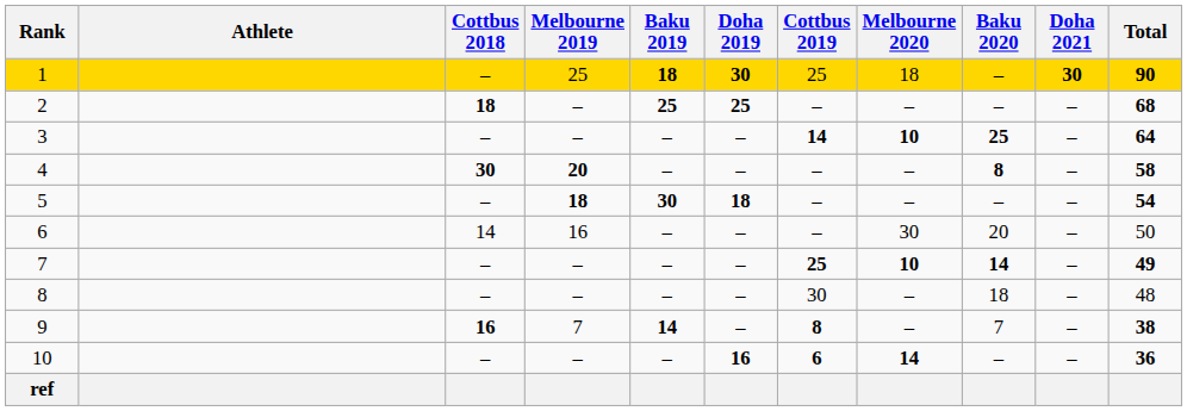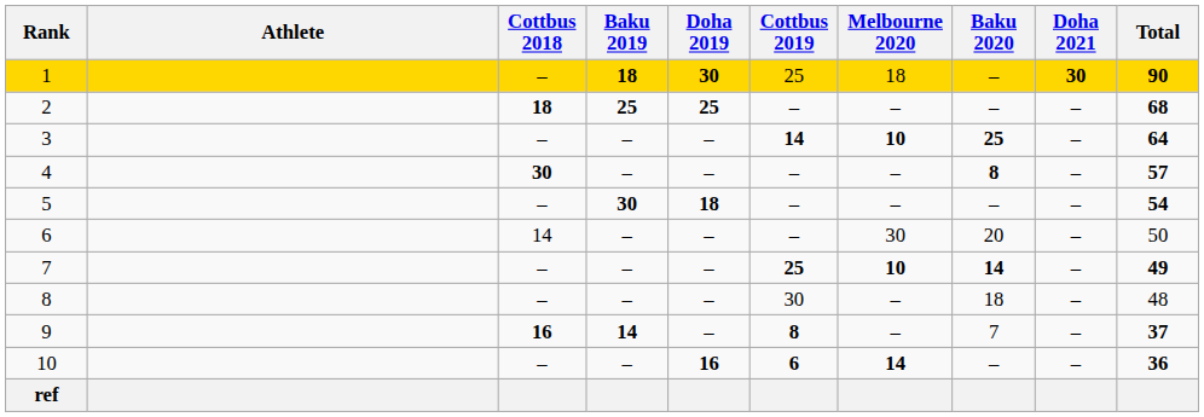 <table style="width:60%;" class="wikitable">
 <tr>
 <th style="text-align:center; width:6%;">Rank</th>
 <th style="text-align:center; width:30%;">Athlete</th>
 <th style="text-align:center; width:6%;"><a href='#'>Cottbus 2018</a></th>
-<th style="text-align:center; width:6%;"><a href='#'>Melbourne 2019</a></th>
 <th style="text-align:center; width:6%;"><a href='#'>Baku 2019</a></th>
 <th style="text-align:center; width:6%;"><a href='#'>Doha 2019</a></th>
 <th style="text-align:center; width:6%;"><a href='#'>Cottbus 2019</a></th>
 <th style="text-align:center; width:6%;"><a href='#'>Melbourne 2020</a></th>
 <th style="text-align:center; width:6%;"><a href='#'>Baku 2020</a></th>
 <th style="text-align:center; width:6%;"><a href='#'>Doha 2021</a></th>
 <th style="text-align:center; width:6%;">Total</th>
 </tr>
 <tr scope=row style="text-align:center" bgcolor=gold>
 <td>1</td>
 <td align=left></td>
 <td>–</td>
-<td>25</td>
 <td><strong>18</strong></td>
 <td><strong>30</strong></td>
 <td>25</td>
 <td>18</td>
 <td>–</td>
 <td><strong>30</strong></td>
 <td><strong>90</strong></td>
 </tr>
 <tr scope=row style="text-align:center">
 <td>2</td>
 <td align=left></td>
 <td><strong>18</strong></td>
-<td>–</td>
 <td><strong>25</strong></td>
 <td><strong>25</strong></td>
 <td>–</td>
 <td>–</td>
 <td>–</td>
 <td>–</td>
 <td><strong>68</strong></td>
 </tr>
 <tr scope=row style="text-align:center">
 <td>3</td>
 <td align=left></td>
 <td>–</td>
 <td>–</td>
 <td>–</td>
-<td>–</td>
 <td><strong>14</strong></td>
 <td><strong>10</strong></td>
 <td><strong>25</strong></td>
 <td>–</td>
 <td><strong>64</strong></td>
 </tr>
 <tr scope=row style="text-align:center">
 <td>4</td>
 <td align=left></td>
 <td><strong>30</strong></td>
-<td><strong>20</strong></td>
 <td>–</td>
 <td>–</td>
 <td>–</td>
 <td>–</td>
 <td><strong>8</strong></td>
 <td>–</td>
-<td><strong>58</strong></td>
+<td><strong>57</strong></td>
 </tr>
 <tr scope=row style="text-align:center">
 <td>5</td>
 <td align=left></td>
 <td>–</td>
-<td><strong>18</strong></td>
 <td><strong>30</strong></td>
 <td><strong>18</strong></td>
 <td>–</td>
 <td>–</td>
 <td>–</td>
 <td>–</td>
 <td><strong>54</strong></td>
 </tr>
 <tr scope=row style="text-align:center">
 <td>6</td>
 <td align=left></td>
 <td>14</td>
-<td>16</td>
 <td>–</td>
 <td>–</td>
 <td>–</td>
 <td>30</td>
 <td>20</td>
 <td>–</td>
 <td>50</td>
 </tr>
 <tr scope=row style="text-align:center">
 <td>7</td>
 <td align=left></td>
-<td>–</td>
 <td>–</td>
 <td>–</td>
 <td>–</td>
 <td><strong>25</strong></td>
 <td><strong>10</strong></td>
 <td><strong>14</strong></td>
 <td>–</td>
 <td><strong>49</strong></td>
 </tr>
 <tr scope=row style="text-align:center">
 <td>8</td>
 <td align=left></td>
 <td>–</td>
 <td>–</td>
 <td>–</td>
-<td>–</td>
 <td>30</td>
 <td>–</td>
 <td>18</td>
 <td>–</td>
 <td>48</td>
 </tr>
 <tr scope=row style="text-align:center">
 <td>9</td>
 <td align=left></td>
 <td><strong>16</strong></td>
-<td>7</td>
 <td><strong>14</strong></td>
 <td>–</td>
 <td><strong>8</strong></td>
 <td>–</td>
 <td>7</td>
 <td>–</td>
-<td><strong>38</strong></td>
+<td><strong>37</strong></td>
 </tr>
 <tr scope=row style="text-align:center">
 <td>10</td>
 <td align=left></td>
-<td>–</td>
 <td>–</td>
 <td>–</td>
 <td><strong>16</strong></td>
 <td><strong>6</strong></td>
 <td><strong>14</strong></td>
 <td>–</td>
 <td>–</td>
 <td><strong>36</strong></td>
 </tr>
 <tr>
 <th>ref</th>
 <th></th>
 <th></th>
 <th></th>
 <th></th>
 <th></th>
 <th></th>
 <th></th>
 <th></th>
 <th></th>
-<th></th>
 </tr>
 </table>
